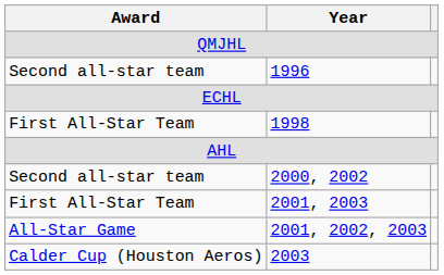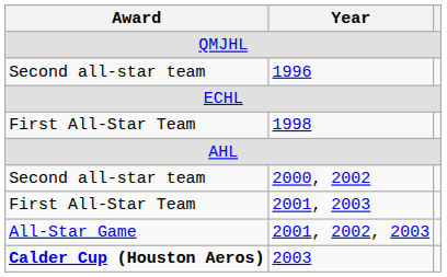 <table class="wikitable">
 <tr>
 <th>Award</th>
 <th>Year</th>
 <th></th>
 </tr>
 <tr ALIGN="center" bgcolor="#e0e0e0">
 <td colspan="3"><a href='#'>QMJHL</a></td>
 </tr>
 <tr>
 <td>Second all-star team</td>
 <td><a href='#'>1996</a></td>
 <td></td>
 </tr>
 <tr ALIGN="center" bgcolor="#e0e0e0">
 <td colspan="3"><a href='#'>ECHL</a></td>
 </tr>
 <tr>
 <td>First All-Star Team</td>
 <td><a href='#'>1998</a></td>
 <td></td>
 </tr>
 <tr ALIGN="center" bgcolor="#e0e0e0">
 <td colspan="3"><a href='#'>AHL</a></td>
 </tr>
 <tr>
 <td>Second all-star team</td>
 <td><a href='#'>2000</a>, <a href='#'>2002</a></td>
 <td></td>
 </tr>
 <tr>
 <td>First All-Star Team</td>
 <td><a href='#'>2001</a>, <a href='#'>2003</a></td>
 <td></td>
 </tr>
 <tr>
 <td><a href='#'>All-Star Game</a></td>
 <td><a href='#'>2001</a>, <a href='#'>2002</a>, <a href='#'>2003</a></td>
 <td></td>
 </tr>
 <tr>
-<td><a href='#'>Calder Cup</a> (Houston Aeros)</td>
+<td><strong><a href='#'>Calder Cup</a> (Houston Aeros)</strong></td>
 <td><a href='#'>2003</a></td>
 <td></td>
 </tr>
 </table>
